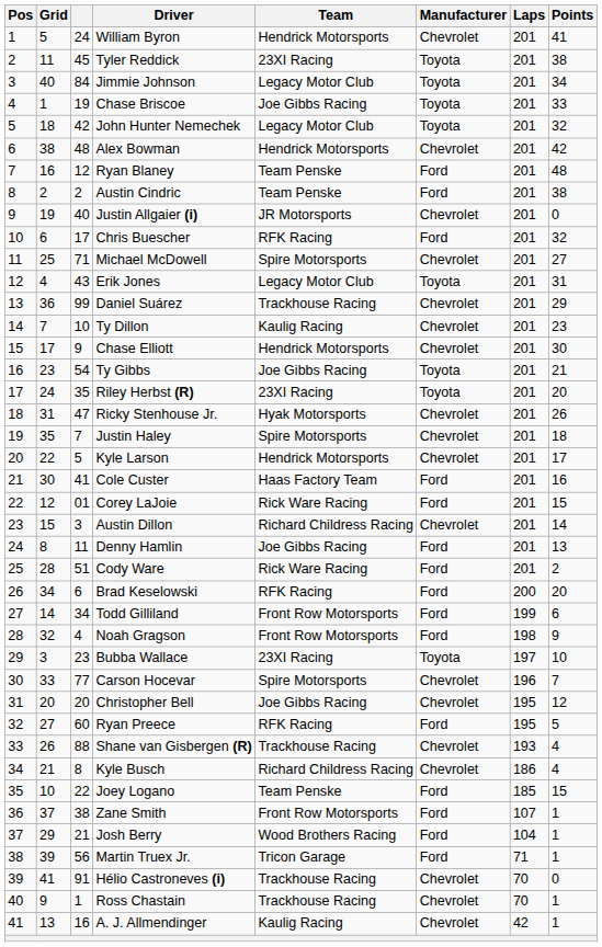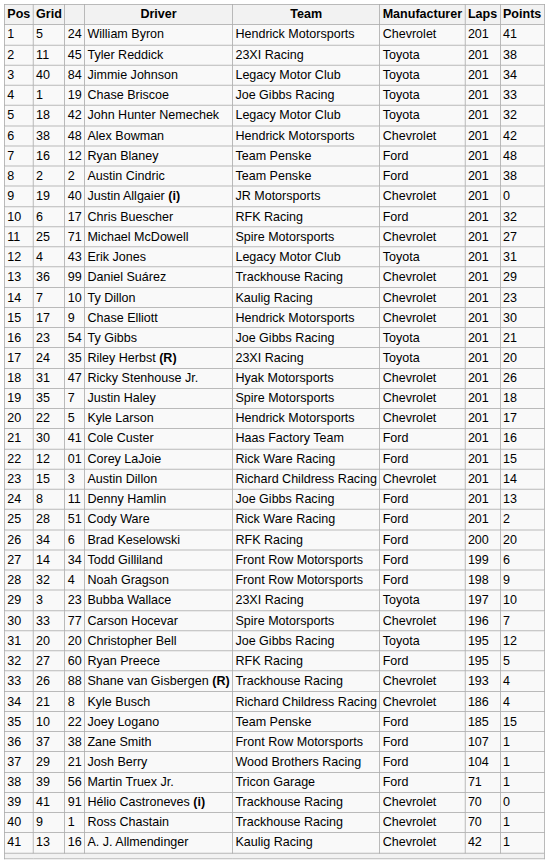 <table class="wikitable" style="font-size:98%">
 <tr>
 <th>Pos</th>
 <th>Grid</th>
 <th></th>
 <th>Driver</th>
 <th>Team</th>
 <th>Manufacturer</th>
 <th>Laps</th>
 <th>Points</th>
 </tr>
 <tr>
 <td>1</td>
 <td>5</td>
 <td>24</td>
 <td>William Byron</td>
 <td>Hendrick Motorsports</td>
 <td>Chevrolet</td>
 <td>201</td>
 <td>41</td>
 </tr>
 <tr>
 <td>2</td>
 <td>11</td>
 <td>45</td>
 <td>Tyler Reddick</td>
 <td>23XI Racing</td>
 <td>Toyota</td>
 <td>201</td>
 <td>38</td>
 </tr>
 <tr>
 <td>3</td>
 <td>40</td>
 <td>84</td>
 <td>Jimmie Johnson</td>
 <td>Legacy Motor Club</td>
 <td>Toyota</td>
 <td>201</td>
 <td>34</td>
 </tr>
 <tr>
 <td>4</td>
 <td>1</td>
 <td>19</td>
 <td>Chase Briscoe</td>
 <td>Joe Gibbs Racing</td>
 <td>Toyota</td>
 <td>201</td>
 <td>33</td>
 </tr>
 <tr>
 <td>5</td>
 <td>18</td>
 <td>42</td>
 <td>John Hunter Nemechek</td>
 <td>Legacy Motor Club</td>
 <td>Toyota</td>
 <td>201</td>
 <td>32</td>
 </tr>
 <tr>
 <td>6</td>
 <td>38</td>
 <td>48</td>
 <td>Alex Bowman</td>
 <td>Hendrick Motorsports</td>
 <td>Chevrolet</td>
 <td>201</td>
 <td>42</td>
 </tr>
 <tr>
 <td>7</td>
 <td>16</td>
 <td>12</td>
 <td>Ryan Blaney</td>
 <td>Team Penske</td>
 <td>Ford</td>
 <td>201</td>
 <td>48</td>
 </tr>
 <tr>
 <td>8</td>
 <td>2</td>
 <td>2</td>
 <td>Austin Cindric</td>
 <td>Team Penske</td>
 <td>Ford</td>
 <td>201</td>
 <td>38</td>
 </tr>
 <tr>
 <td>9</td>
 <td>19</td>
 <td>40</td>
 <td>Justin Allgaier <strong>(i)</strong></td>
 <td>JR Motorsports</td>
 <td>Chevrolet</td>
 <td>201</td>
 <td>0</td>
 </tr>
 <tr>
 <td>10</td>
 <td>6</td>
 <td>17</td>
 <td>Chris Buescher</td>
 <td>RFK Racing</td>
 <td>Ford</td>
 <td>201</td>
 <td>32</td>
 </tr>
 <tr>
 <td>11</td>
 <td>25</td>
 <td>71</td>
 <td>Michael McDowell</td>
 <td>Spire Motorsports</td>
 <td>Chevrolet</td>
 <td>201</td>
 <td>27</td>
 </tr>
 <tr>
 <td>12</td>
 <td>4</td>
 <td>43</td>
 <td>Erik Jones</td>
 <td>Legacy Motor Club</td>
 <td>Toyota</td>
 <td>201</td>
 <td>31</td>
 </tr>
 <tr>
 <td>13</td>
 <td>36</td>
 <td>99</td>
 <td>Daniel Suárez</td>
 <td>Trackhouse Racing</td>
 <td>Chevrolet</td>
 <td>201</td>
 <td>29</td>
 </tr>
 <tr>
 <td>14</td>
 <td>7</td>
 <td>10</td>
 <td>Ty Dillon</td>
 <td>Kaulig Racing</td>
 <td>Chevrolet</td>
 <td>201</td>
 <td>23</td>
 </tr>
 <tr>
 <td>15</td>
 <td>17</td>
 <td>9</td>
 <td>Chase Elliott</td>
 <td>Hendrick Motorsports</td>
 <td>Chevrolet</td>
 <td>201</td>
 <td>30</td>
 </tr>
 <tr>
 <td>16</td>
 <td>23</td>
 <td>54</td>
 <td>Ty Gibbs</td>
 <td>Joe Gibbs Racing</td>
 <td>Toyota</td>
 <td>201</td>
 <td>21</td>
 </tr>
 <tr>
 <td>17</td>
 <td>24</td>
 <td>35</td>
 <td>Riley Herbst <strong>(R)</strong></td>
 <td>23XI Racing</td>
 <td>Toyota</td>
 <td>201</td>
 <td>20</td>
 </tr>
 <tr>
 <td>18</td>
 <td>31</td>
 <td>47</td>
 <td>Ricky Stenhouse Jr.</td>
 <td>Hyak Motorsports</td>
 <td>Chevrolet</td>
 <td>201</td>
 <td>26</td>
 </tr>
 <tr>
 <td>19</td>
 <td>35</td>
 <td>7</td>
 <td>Justin Haley</td>
 <td>Spire Motorsports</td>
 <td>Chevrolet</td>
 <td>201</td>
 <td>18</td>
 </tr>
 <tr>
 <td>20</td>
 <td>22</td>
 <td>5</td>
 <td>Kyle Larson</td>
 <td>Hendrick Motorsports</td>
 <td>Chevrolet</td>
 <td>201</td>
 <td>17</td>
 </tr>
 <tr>
 <td>21</td>
 <td>30</td>
 <td>41</td>
 <td>Cole Custer</td>
 <td>Haas Factory Team</td>
 <td>Ford</td>
 <td>201</td>
 <td>16</td>
 </tr>
 <tr>
 <td>22</td>
 <td>12</td>
 <td>01</td>
 <td>Corey LaJoie</td>
 <td>Rick Ware Racing</td>
 <td>Ford</td>
 <td>201</td>
 <td>15</td>
 </tr>
 <tr>
 <td>23</td>
 <td>15</td>
 <td>3</td>
 <td>Austin Dillon</td>
 <td>Richard Childress Racing</td>
 <td>Chevrolet</td>
 <td>201</td>
 <td>14</td>
 </tr>
 <tr>
 <td>24</td>
 <td>8</td>
 <td>11</td>
 <td>Denny Hamlin</td>
 <td>Joe Gibbs Racing</td>
 <td>Ford</td>
 <td>201</td>
 <td>13</td>
 </tr>
 <tr>
 <td>25</td>
 <td>28</td>
 <td>51</td>
 <td>Cody Ware</td>
 <td>Rick Ware Racing</td>
 <td>Ford</td>
 <td>201</td>
 <td>2</td>
 </tr>
 <tr>
 <td>26</td>
 <td>34</td>
 <td>6</td>
 <td>Brad Keselowski</td>
 <td>RFK Racing</td>
 <td>Ford</td>
 <td>200</td>
 <td>20</td>
 </tr>
 <tr>
 <td>27</td>
 <td>14</td>
 <td>34</td>
 <td>Todd Gilliland</td>
 <td>Front Row Motorsports</td>
 <td>Ford</td>
 <td>199</td>
 <td>6</td>
 </tr>
 <tr>
 <td>28</td>
 <td>32</td>
 <td>4</td>
 <td>Noah Gragson</td>
 <td>Front Row Motorsports</td>
 <td>Ford</td>
 <td>198</td>
 <td>9</td>
 </tr>
 <tr>
 <td>29</td>
 <td>3</td>
 <td>23</td>
 <td>Bubba Wallace</td>
 <td>23XI Racing</td>
 <td>Toyota</td>
 <td>197</td>
 <td>10</td>
 </tr>
 <tr>
 <td>30</td>
 <td>33</td>
 <td>77</td>
 <td>Carson Hocevar</td>
 <td>Spire Motorsports</td>
 <td>Chevrolet</td>
 <td>196</td>
 <td>7</td>
 </tr>
 <tr>
 <td>31</td>
 <td>20</td>
 <td>20</td>
 <td>Christopher Bell</td>
 <td>Joe Gibbs Racing</td>
-<td>Chevrolet</td>
+<td>Toyota</td>
 <td>195</td>
 <td>12</td>
 </tr>
 <tr>
 <td>32</td>
 <td>27</td>
 <td>60</td>
 <td>Ryan Preece</td>
 <td>RFK Racing</td>
 <td>Ford</td>
 <td>195</td>
 <td>5</td>
 </tr>
 <tr>
 <td>33</td>
 <td>26</td>
 <td>88</td>
 <td>Shane van Gisbergen <strong>(R)</strong></td>
 <td>Trackhouse Racing</td>
 <td>Chevrolet</td>
 <td>193</td>
 <td>4</td>
 </tr>
 <tr>
 <td>34</td>
 <td>21</td>
 <td>8</td>
 <td>Kyle Busch</td>
 <td>Richard Childress Racing</td>
 <td>Chevrolet</td>
 <td>186</td>
 <td>4</td>
 </tr>
 <tr>
 <td>35</td>
 <td>10</td>
 <td>22</td>
 <td>Joey Logano</td>
 <td>Team Penske</td>
 <td>Ford</td>
 <td>185</td>
 <td>15</td>
 </tr>
 <tr>
 <td>36</td>
 <td>37</td>
 <td>38</td>
 <td>Zane Smith</td>
 <td>Front Row Motorsports</td>
 <td>Ford</td>
 <td>107</td>
 <td>1</td>
 </tr>
 <tr>
 <td>37</td>
 <td>29</td>
 <td>21</td>
 <td>Josh Berry</td>
 <td>Wood Brothers Racing</td>
 <td>Ford</td>
 <td>104</td>
 <td>1</td>
 </tr>
 <tr>
 <td>38</td>
 <td>39</td>
 <td>56</td>
 <td>Martin Truex Jr.</td>
 <td>Tricon Garage</td>
 <td>Ford</td>
 <td>71</td>
 <td>1</td>
 </tr>
 <tr>
 <td>39</td>
 <td>41</td>
 <td>91</td>
 <td>Hélio Castroneves <strong>(i)</strong></td>
 <td>Trackhouse Racing</td>
 <td>Chevrolet</td>
 <td>70</td>
 <td>0</td>
 </tr>
 <tr>
 <td>40</td>
 <td>9</td>
 <td>1</td>
 <td>Ross Chastain</td>
 <td>Trackhouse Racing</td>
 <td>Chevrolet</td>
 <td>70</td>
 <td>1</td>
 </tr>
 <tr>
 <td>41</td>
 <td>13</td>
 <td>16</td>
 <td>A. J. Allmendinger</td>
 <td>Kaulig Racing</td>
 <td>Chevrolet</td>
 <td>42</td>
 <td>1</td>
 </tr>
 <tr>
 <th colspan="8"></th>
 </tr>
 </table>
